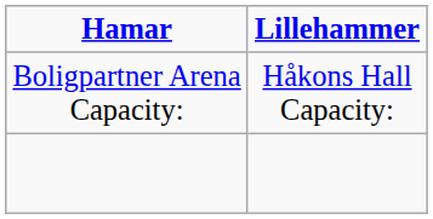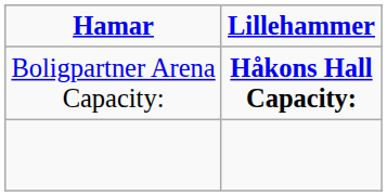 <table class="wikitable" style="text-align:center;">
 <tr>
 <td> <strong><a href='#'>Hamar</a></strong></td>
 <td> <strong><a href='#'>Lillehammer</a></strong></td>
 </tr>
 <tr>
 <td><a href='#'>Boligpartner Arena</a><br>Capacity: </td>
-<td><a href='#'>Håkons Hall</a><br>Capacity: </td>
+<td><strong><a href='#'>Håkons Hall</a><br>Capacity: </strong></td>
 </tr>
 <tr>
 <td><br><br></td>
 <td><br><br></td>
 </tr>
 </table>
